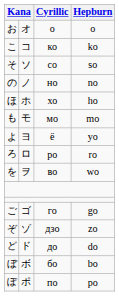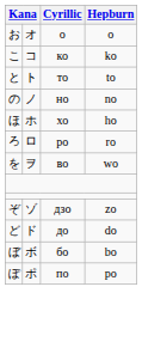 <table class="wikitable" style="text-align:center; display:inline-table;">
 <tr>
 <th colspan="2"><a href='#'>Kana</a></th>
 <th><a href='#'>Cyrillic</a></th>
 <th><a href='#'>Hepburn</a></th>
 </tr>
 <tr>
 <td>お</td>
 <td>オ</td>
 <td>о</td>
 <td>o</td>
 </tr>
 <tr>
 <td>こ</td>
 <td>コ</td>
 <td>ко</td>
 <td>ko</td>
 </tr>
 <tr>
-<td>そ</td>
-<td>ソ</td>
-<td>со</td>
-<td>so</td>
+<td>と</td>
+<td>ト</td>
+<td>то</td>
+<td>to</td>
 </tr>
 <tr>
 <td>の</td>
 <td>ノ</td>
 <td>но</td>
 <td>no</td>
 </tr>
 <tr>
 <td>ほ</td>
 <td>ホ</td>
 <td>хо</td>
 <td>ho</td>
-</tr>
-<tr>
-<td>も</td>
-<td>モ</td>
-<td>мо</td>
-<td>mo</td>
-</tr>
-<tr>
-<td>よ</td>
-<td>ヨ</td>
-<td>ё</td>
-<td>yo</td>
 </tr>
 <tr>
 <td>ろ</td>
 <td>ロ</td>
 <td>ро</td>
 <td>ro</td>
 </tr>
 <tr>
 <td>を</td>
 <td>ヲ</td>
 <td>во</td>
 <td>wo</td>
 </tr>
 <tr>
 <td colspan="4"> </td>
 </tr>
 <tr>
 <td colspan="4"></td>
-</tr>
-<tr>
-<td>ご</td>
-<td>ゴ</td>
-<td>го</td>
-<td>go</td>
 </tr>
 <tr>
 <td>ぞ</td>
 <td>ゾ</td>
 <td>дзо</td>
 <td>zo</td>
 </tr>
 <tr>
 <td>ど</td>
 <td>ド</td>
 <td>до</td>
 <td>do</td>
 </tr>
 <tr>
 <td>ぼ</td>
 <td>ボ</td>
 <td>бо</td>
 <td>bo</td>
 </tr>
 <tr>
 <td>ぽ</td>
 <td>ポ</td>
 <td>по</td>
 <td>po</td>
 </tr>
 </table>
